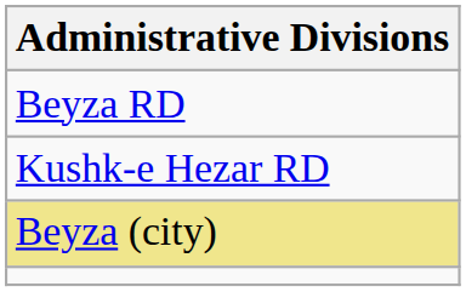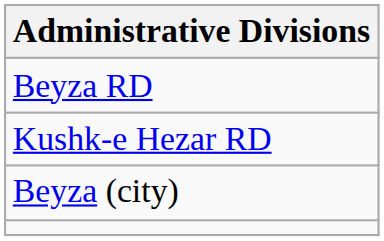 <table class="wikitable">
 <tr>
 <th>Administrative Divisions</th>
 </tr>
 <tr>
 <td><a href='#'>Beyza RD</a></td>
 </tr>
 <tr>
 <td><a href='#'>Kushk-e Hezar RD</a></td>
 </tr>
 <tr>
-<td style="background: khaki;"><a href='#'>Beyza</a> (city)</td>
+<td><a href='#'>Beyza</a> (city)</td>
 </tr>
 <tr>
 <td colspan=1></td>
 </tr>
 </table>
